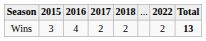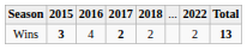 <table class="wikitable sortable">
 <tr bgcolor=efefef>
 <td><strong>Season</strong></td>
 <td><strong>2015</strong></td>
 <td><strong>2016</strong></td>
 <td><strong>2017</strong></td>
 <td><strong>2018</strong></td>
 <td>...</td>
 <td><strong>2022</strong></td>
 <td><strong>Total</strong></td>
 </tr>
 <tr align=center>
 <td>Wins</td>
-<td>3</td>
+<td><strong>3</strong></td>
 <td>4</td>
-<td>2</td>
+<td><strong>2</strong></td>
 <td>2</td>
 <td></td>
 <td>2</td>
 <td><strong>13</strong></td>
 </tr>
 </table>
